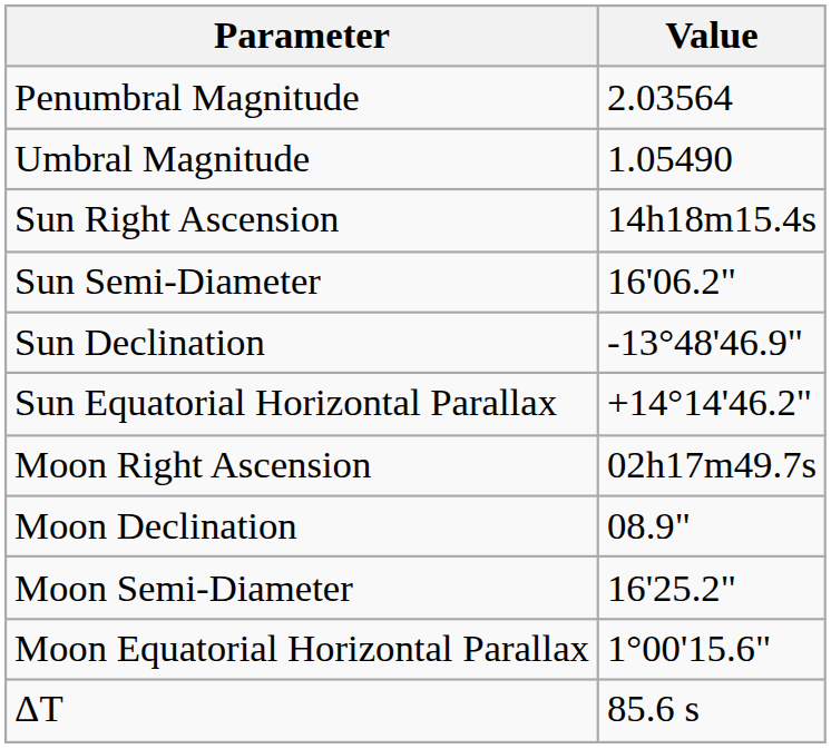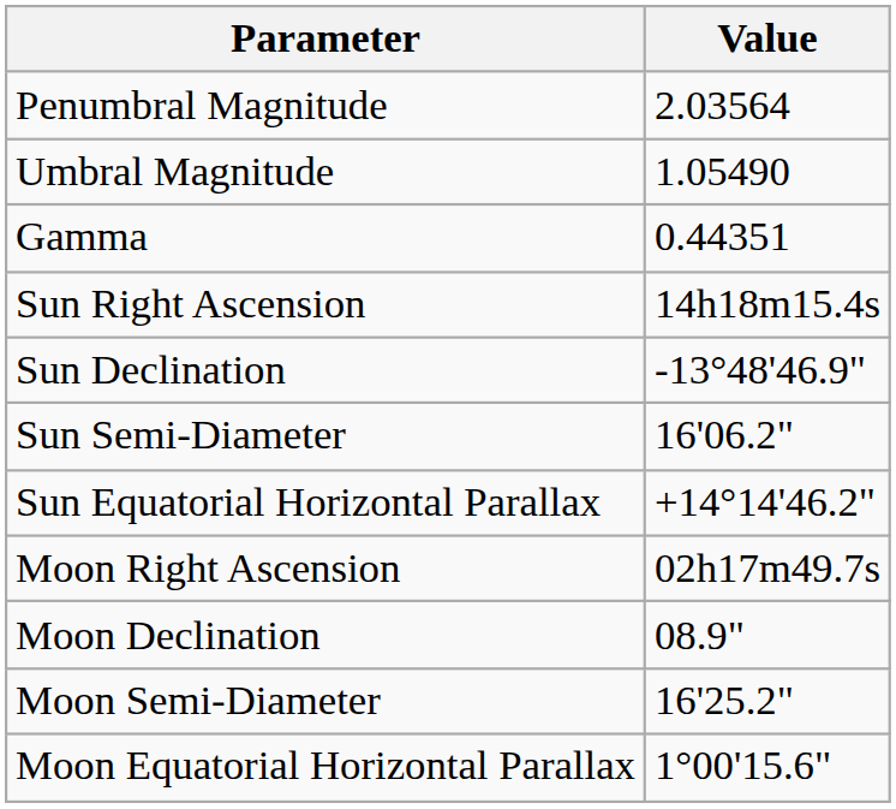 <table class="wikitable">
 <tr>
 <th>Parameter</th>
 <th>Value</th>
 </tr>
 <tr>
 <td>Penumbral Magnitude</td>
 <td>2.03564</td>
 </tr>
 <tr>
 <td>Umbral Magnitude</td>
 <td>1.05490</td>
 </tr>
 <tr>
+<td>Gamma</td>
+<td>0.44351</td>
+</tr>
+<tr>
 <td>Sun Right Ascension</td>
 <td>14h18m15.4s</td>
 </tr>
 <tr>
+<td>Sun Declination</td>
+<td>-13°48'46.9"</td>
+</tr>
+<tr>
 <td>Sun Semi-Diameter</td>
 <td>16'06.2"</td>
-</tr>
-<tr>
-<td>Sun Declination</td>
-<td>-13°48'46.9"</td>
 </tr>
 <tr>
 <td>Sun Equatorial Horizontal Parallax</td>
 <td>+14°14'46.2"</td>
 </tr>
 <tr>
 <td>Moon Right Ascension</td>
 <td>02h17m49.7s</td>
 </tr>
 <tr>
 <td>Moon Declination</td>
 <td>08.9"</td>
 </tr>
 <tr>
 <td>Moon Semi-Diameter</td>
 <td>16'25.2"</td>
 </tr>
 <tr>
 <td>Moon Equatorial Horizontal Parallax</td>
 <td>1°00'15.6"</td>
 </tr>
-<tr>
-<td>ΔT</td>
-<td>85.6 s</td>
-</tr>
 </table>
